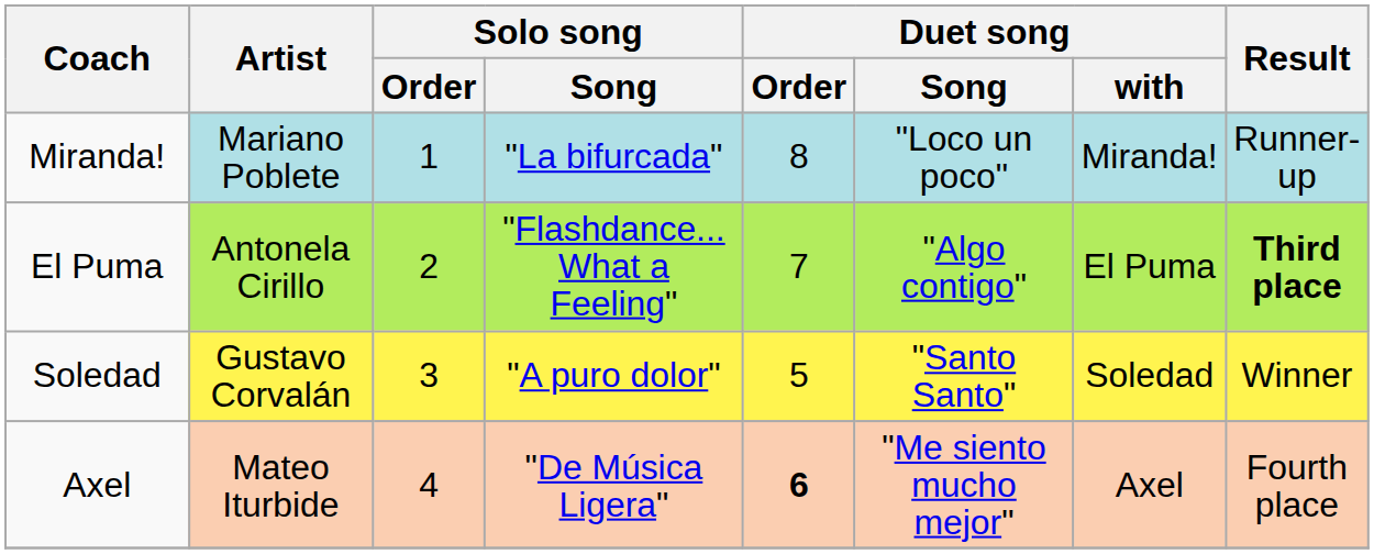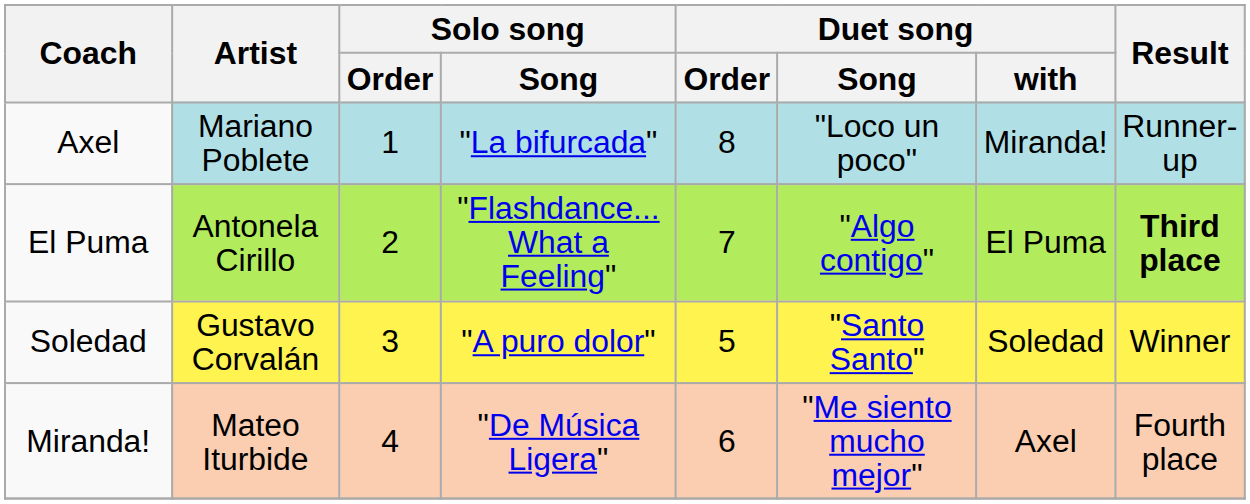 <table class="wikitable" style="text-align:center; line-height:17px; width:100%;">
 <tr>
 <th width="15%" rowspan="2">Coach</th>
 <th width="15%" rowspan="2">Artist</th>
 <th width="25%" colspan="2">Solo song</th>
 <th width="35%" colspan="3">Duet song</th>
 <th width="10%" rowspan="2">Result</th>
 </tr>
 <tr>
 <th width="05%">Order</th>
 <th width="20%">Song</th>
 <th width="05%">Order</th>
 <th width="20%">Song</th>
 <th width="10%">with</th>
 </tr>
 <tr>
-<td scope="col">Miranda!</td>
+<td scope="col">Axel</td>
 <td style="background:#B0E0E6;">Mariano Poblete</td>
 <td style="background:#B0E0E6;">1</td>
 <td style="background:#B0E0E6;">"<a href='#'>La bifurcada</a>"</td>
 <td style="background:#B0E0E6;">8</td>
 <td style="background:#B0E0E6;">"Loco un poco"</td>
 <td style="background:#B0E0E6;">Miranda!</td>
 <td style="background:#B0E0E6;">Runner-up</td>
 </tr>
 <tr>
 <td scope="col">El Puma</td>
 <td style="background:#B2EC5D;">Antonela Cirillo</td>
 <td style="background:#B2EC5D;">2</td>
 <td style="background:#B2EC5D;">"<a href='#'>Flashdance... What a Feeling</a>"</td>
 <td style="background:#B2EC5D;">7</td>
 <td style="background:#B2EC5D;">"<a href='#'>Algo contigo</a>"</td>
 <td style="background:#B2EC5D;">El Puma</td>
 <td style="background:#B2EC5D;"><strong>Third place</strong></td>
 </tr>
 <tr>
 <td scope="col">Soledad</td>
 <td style="background:#FFF44F;">Gustavo Corvalán</td>
 <td style="background:#FFF44F;">3</td>
 <td style="background:#FFF44F;">"<a href='#'>A puro dolor</a>"</td>
 <td style="background:#FFF44F;">5</td>
 <td style="background:#FFF44F;">"<a href='#'>Santo Santo</a>"</td>
 <td style="background:#FFF44F;">Soledad</td>
 <td style="background:#FFF44F;">Winner</td>
 </tr>
 <tr>
-<td scope="col">Axel</td>
+<td scope="col">Miranda!</td>
 <td style="background:#FBCEB1;">Mateo Iturbide</td>
 <td style="background:#FBCEB1;">4</td>
 <td style="background:#FBCEB1;">"<a href='#'>De Música Ligera</a>"</td>
-<td style="background:#FBCEB1;"><strong>6</strong></td>
+<td style="background:#FBCEB1;">6</td>
 <td style="background:#FBCEB1;">"<a href='#'>Me siento mucho mejor</a>"</td>
 <td style="background:#FBCEB1;">Axel</td>
 <td style="background:#FBCEB1;">Fourth place</td>
 </tr>
 <tr>
 </tr>
 </table>
